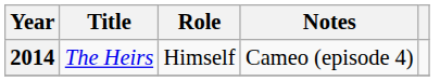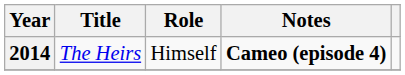 <table class="wikitable sortable plainrowheaders">
 <tr>
 <th scope="col">Year</th>
 <th scope="col">Title</th>
 <th scope="col">Role</th>
 <th scope="col" class="unsortable">Notes</th>
 <th scope="col" class="unsortable"></th>
 </tr>
 <tr>
 <th scope="row">2014</th>
 <td><em><a href='#'>The Heirs</a></em></td>
 <td>Himself</td>
-<td>Cameo (episode 4)</td>
+<td><strong>Cameo (episode 4)</strong></td>
 <td></td>
 </tr>
 <tr>
 </tr>
 </table>
